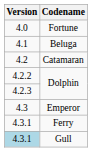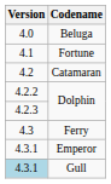 <table class="wikitable" style="font-size: smaller; text-align: center;">
 <tr>
 <th>Version</th>
 <th>Codename</th>
 </tr>
 <tr>
 <td>4.0</td>
-<td>Fortune</td>
+<td>Beluga</td>
 </tr>
 <tr>
 <td>4.1</td>
-<td>Beluga</td>
+<td>Fortune</td>
 </tr>
 <tr>
 <td>4.2</td>
 <td>Catamaran</td>
 </tr>
 <tr>
 <td>4.2.2</td>
 <td rowspan="2">Dolphin</td>
 </tr>
 <tr>
 <td>4.2.3</td>
 </tr>
 <tr>
 <td>4.3</td>
-<td>Emperor</td>
+<td>Ferry</td>
 </tr>
 <tr>
 <td>4.3.1</td>
-<td>Ferry</td>
+<td>Emperor</td>
 </tr>
 <tr>
 <td style="background: lightblue;">4.3.1</td>
 <td>Gull</td>
 </tr>
 </table>
